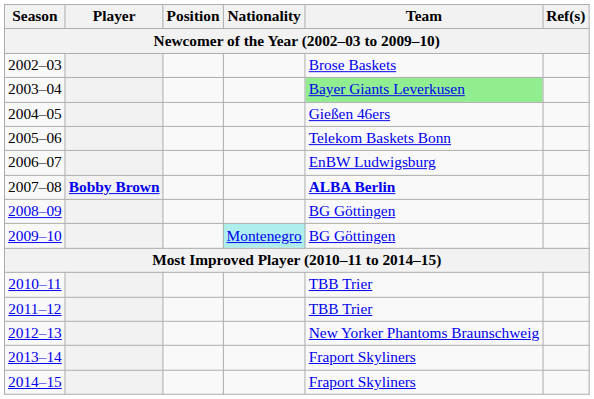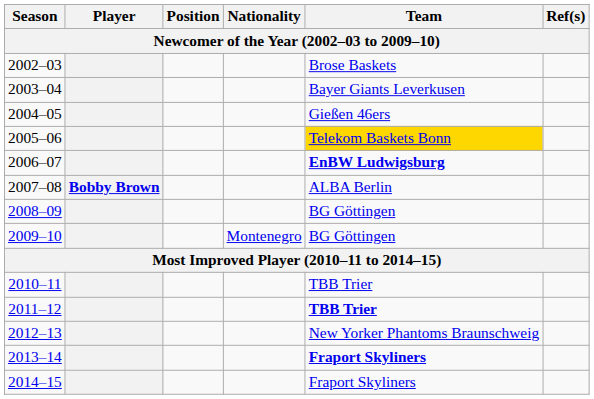 <table class="wikitable plainrowheaders sortable">
 <tr>
 <th scope="col">Season</th>
 <th scope="col">Player</th>
 <th scope="col">Position</th>
 <th scope="col">Nationality</th>
 <th scope="col">Team</th>
 <th scope="col">Ref(s)</th>
 </tr>
 <tr>
 <th colspan="6">Newcomer of the Year (2002–03 to 2009–10)</th>
 </tr>
 <tr>
 <td align=center>2002–03</td>
 <th scope="row"></th>
 <td align=center></td>
 <td></td>
 <td><a href='#'>Brose Baskets</a></td>
 <td align=center></td>
 </tr>
 <tr>
 <td align=center>2003–04</td>
 <th scope="row"></th>
 <td align=center></td>
 <td></td>
-<td style="background: lightgreen;"><a href='#'>Bayer Giants Leverkusen</a></td>
+<td><a href='#'>Bayer Giants Leverkusen</a></td>
 <td align=center></td>
 </tr>
 <tr>
 <td align=center>2004–05</td>
 <th scope="row"></th>
 <td align=center></td>
 <td></td>
 <td><a href='#'>Gießen 46ers</a></td>
 <td align=center></td>
 </tr>
 <tr>
 <td align=center>2005–06</td>
 <th scope="row"></th>
 <td align=center></td>
 <td></td>
-<td><a href='#'>Telekom Baskets Bonn</a></td>
+<td style="background: gold;"><a href='#'>Telekom Baskets Bonn</a></td>
 <td align=center></td>
 </tr>
 <tr>
 <td align=center>2006–07</td>
 <th scope="row"></th>
 <td align=center></td>
 <td></td>
-<td><a href='#'>EnBW Ludwigsburg</a></td>
+<td><strong><a href='#'>EnBW Ludwigsburg</a></strong></td>
 <td align=center></td>
 </tr>
 <tr>
 <td align=center>2007–08</td>
 <th scope="row"><a href='#'>Bobby Brown</a></th>
 <td align=center></td>
 <td></td>
-<td><strong><a href='#'>ALBA Berlin</a></strong></td>
+<td><a href='#'>ALBA Berlin</a></td>
 <td align=center></td>
 </tr>
 <tr>
 <td align=center><a href='#'>2008–09</a></td>
 <th scope="row"></th>
 <td align=center></td>
 <td></td>
 <td><a href='#'>BG Göttingen</a></td>
 <td align=center></td>
 </tr>
 <tr>
 <td align=center><a href='#'>2009–10</a></td>
 <th scope="row"></th>
 <td align=center></td>
-<td style="background: paleturquoise;"> <a href='#'>Montenegro</a></td>
+<td> <a href='#'>Montenegro</a></td>
 <td><a href='#'>BG Göttingen</a></td>
 <td align=center></td>
 </tr>
 <tr>
 <th colspan="6">Most Improved Player (2010–11 to 2014–15)</th>
 </tr>
 <tr>
 <td align=center><a href='#'>2010–11</a></td>
 <th scope="row"></th>
 <td align=center></td>
 <td></td>
 <td><a href='#'>TBB Trier</a></td>
 <td align=center></td>
 </tr>
 <tr>
 <td align=center><a href='#'>2011–12</a></td>
 <th scope="row"></th>
 <td align=center></td>
 <td></td>
-<td><a href='#'>TBB Trier</a></td>
+<td><strong><a href='#'>TBB Trier</a></strong></td>
 <td align=center></td>
 </tr>
 <tr>
 <td align=center><a href='#'>2012–13</a></td>
 <th scope="row"></th>
 <td align=center></td>
 <td></td>
 <td><a href='#'>New Yorker Phantoms Braunschweig</a></td>
 <td align=center></td>
 </tr>
 <tr>
 <td align=center><a href='#'>2013–14</a></td>
 <th scope="row"></th>
 <td align=center></td>
 <td></td>
-<td><a href='#'>Fraport Skyliners</a></td>
+<td><strong><a href='#'>Fraport Skyliners</a></strong></td>
 <td align=center></td>
 </tr>
 <tr>
 <td align=center><a href='#'>2014–15</a></td>
 <th scope="row"></th>
 <td align=center></td>
 <td></td>
 <td><a href='#'>Fraport Skyliners</a></td>
 <td align=center></td>
 </tr>
 </table>
